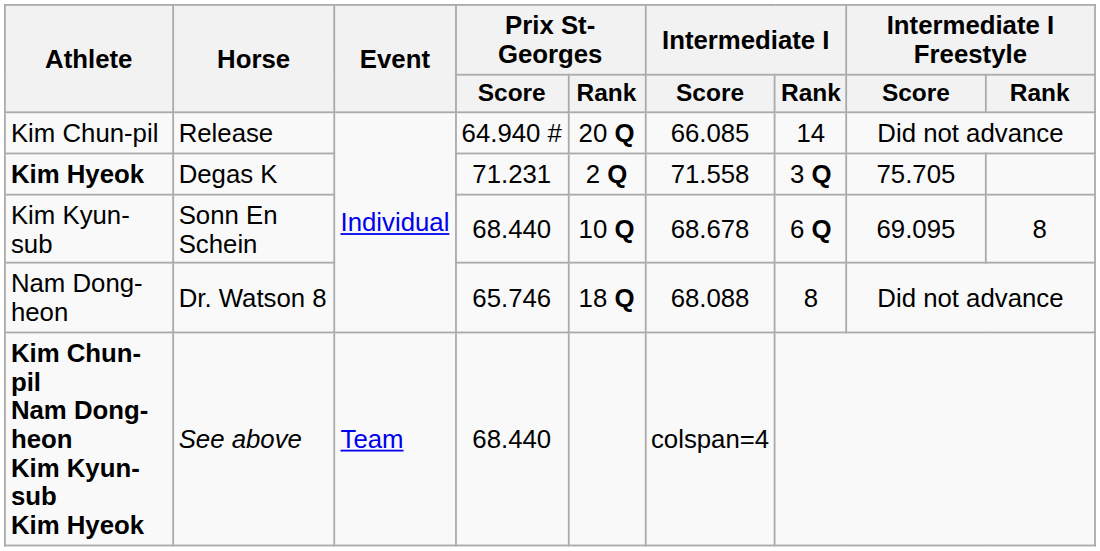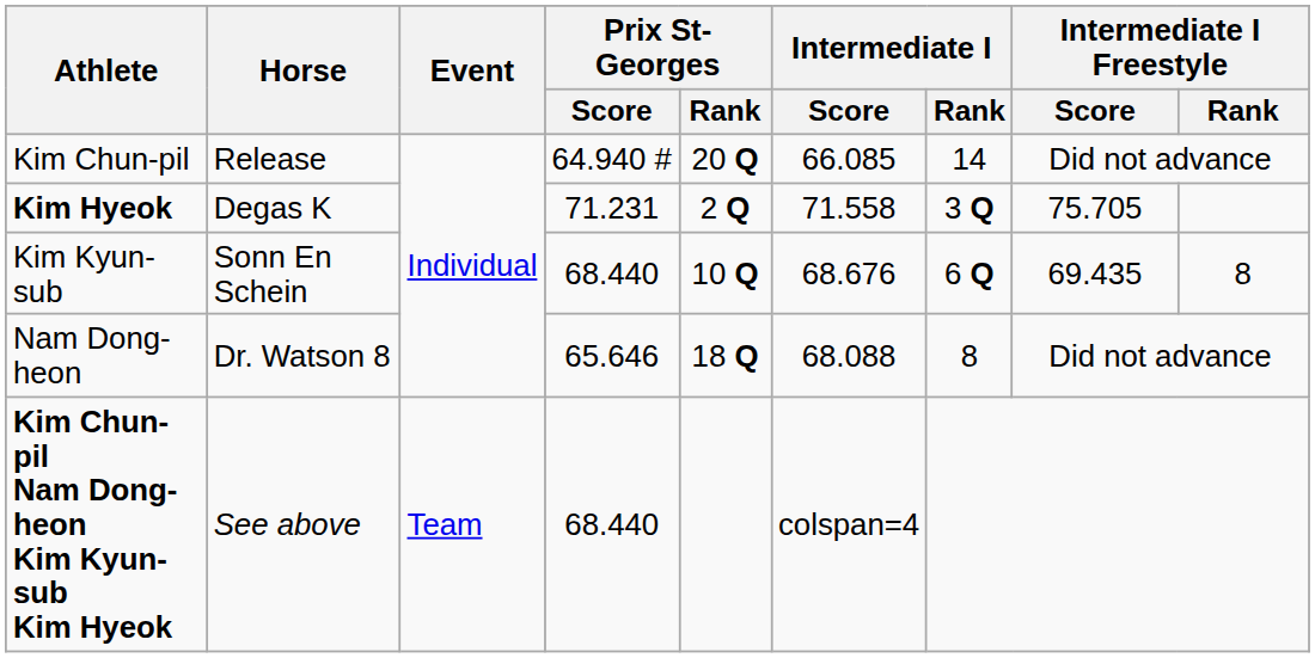 <table class=wikitable style=font-size:90%;text-align:center>
 <tr>
 <th rowspan="2">Athlete</th>
 <th rowspan="2">Horse</th>
 <th rowspan="2">Event</th>
 <th colspan="2">Prix St-Georges</th>
 <th colspan="2">Intermediate I</th>
 <th colspan="2">Intermediate I Freestyle</th>
 </tr>
 <tr style="font-size:95%">
 <th>Score</th>
 <th>Rank</th>
 <th>Score</th>
 <th>Rank</th>
 <th>Score</th>
 <th>Rank</th>
 </tr>
 <tr>
 <td align=left>Kim Chun-pil</td>
 <td align=left>Release</td>
 <td rowspan=4 align=left><a href='#'>Individual</a></td>
 <td>64.940 #</td>
 <td>20 <strong>Q</strong></td>
 <td>66.085</td>
 <td>14</td>
 <td colspan=2>Did not advance</td>
 </tr>
 <tr>
 <td align=left><strong>Kim Hyeok</strong></td>
 <td align=left>Degas K</td>
 <td>71.231</td>
 <td>2 <strong>Q</strong></td>
 <td>71.558</td>
 <td>3 <strong>Q</strong></td>
 <td>75.705</td>
 <td></td>
 </tr>
 <tr>
 <td align=left>Kim Kyun-sub</td>
 <td align=left>Sonn En Schein</td>
 <td>68.440</td>
 <td>10 <strong>Q</strong></td>
-<td>68.678</td>
+<td>68.676</td>
 <td>6 <strong>Q</strong></td>
-<td>69.095</td>
+<td>69.435</td>
 <td>8</td>
 </tr>
 <tr>
 <td align=left>Nam Dong-heon</td>
 <td align=left>Dr. Watson 8</td>
-<td>65.746</td>
+<td>65.646</td>
 <td>18 <strong>Q</strong></td>
 <td>68.088</td>
 <td>8</td>
 <td colspan=2>Did not advance</td>
 </tr>
 <tr>
 <td align=left><strong>Kim Chun-pil<br>Nam Dong-heon<br>Kim Kyun-sub<br>Kim Hyeok</strong></td>
 <td align=left><em>See above</em></td>
 <td align=left><a href='#'>Team</a></td>
 <td>68.440</td>
 <td></td>
 <td>colspan=4 </td>
 </tr>
 </table>
